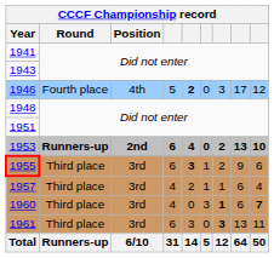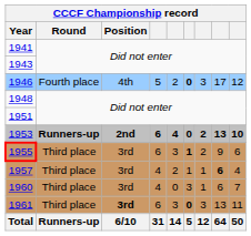 <table class="wikitable" style="text-align: center;">
 <tr>
 <th colspan=10><a href='#'>CCCF Championship</a> record</th>
 </tr>
 <tr>
 <th>Year</th>
 <th>Round</th>
 <th>Position</th>
 <th></th>
 <th></th>
 <th></th>
 <th></th>
 <th></th>
 <th></th>
 </tr>
 <tr>
 <td> <a href='#'>1941</a></td>
 <td colspan=9 rowspan=2><em>Did not enter</em></td>
 </tr>
 <tr>
 <td> <a href='#'>1943</a></td>
 </tr>
 <tr style="background:#9acdff;">
 <td> <a href='#'>1946</a></td>
 <td>Fourth place</td>
 <td>4th</td>
 <td>5</td>
-<td><strong>2</strong></td>
-<td>0</td>
+<td>2</td>
+<td><strong>0</strong></td>
 <td>3</td>
 <td>17</td>
 <td>12</td>
 </tr>
 <tr>
 <td> <a href='#'>1948</a></td>
 <td colspan=9 rowspan=2><em>Did not enter</em></td>
 </tr>
 <tr>
 <td> <a href='#'>1951</a></td>
 </tr>
 <tr style="background:silver;">
 <td> <a href='#'>1953</a></td>
 <td><strong>Runners-up</strong></td>
 <td><strong>2nd</strong></td>
 <td><strong>6</strong></td>
 <td><strong>4</strong></td>
 <td><strong>0</strong></td>
 <td><strong>2</strong></td>
 <td><strong>13</strong></td>
 <td><strong>10</strong></td>
 </tr>
 <tr style="background:#c96;">
 <td style="border: 3px solid red"> <a href='#'>1955</a></td>
 <td>Third place</td>
 <td>3rd</td>
 <td>6</td>
-<td><strong>3</strong></td>
-<td>1</td>
+<td>3</td>
+<td><strong>1</strong></td>
 <td>2</td>
 <td>9</td>
 <td>6</td>
 </tr>
 <tr style="background:#c96;">
 <td> <a href='#'>1957</a></td>
 <td>Third place</td>
 <td>3rd</td>
 <td>4</td>
 <td>2</td>
 <td>1</td>
 <td>1</td>
-<td>6</td>
+<td><strong>6</strong></td>
 <td>4</td>
 </tr>
 <tr style="background:#c96;">
 <td> <a href='#'>1960</a></td>
 <td>Third place</td>
 <td>3rd</td>
 <td>4</td>
 <td>0</td>
 <td>3</td>
-<td><strong>1</strong></td>
+<td>1</td>
 <td>6</td>
-<td><strong>7</strong></td>
+<td>7</td>
 </tr>
 <tr style="background:#c96;">
 <td> <a href='#'>1961</a></td>
 <td>Third place</td>
-<td>3rd</td>
+<td><strong>3rd</strong></td>
 <td>6</td>
 <td>3</td>
-<td>0</td>
-<td><strong>3</strong></td>
+<td><strong>0</strong></td>
+<td>3</td>
 <td>13</td>
 <td>11</td>
 </tr>
 <tr>
 <th>Total</th>
 <th>Runners-up</th>
 <th>6/10</th>
 <th>31</th>
 <th>14</th>
 <th>5</th>
 <th>12</th>
 <th>64</th>
 <th>50</th>
 </tr>
 </table>
